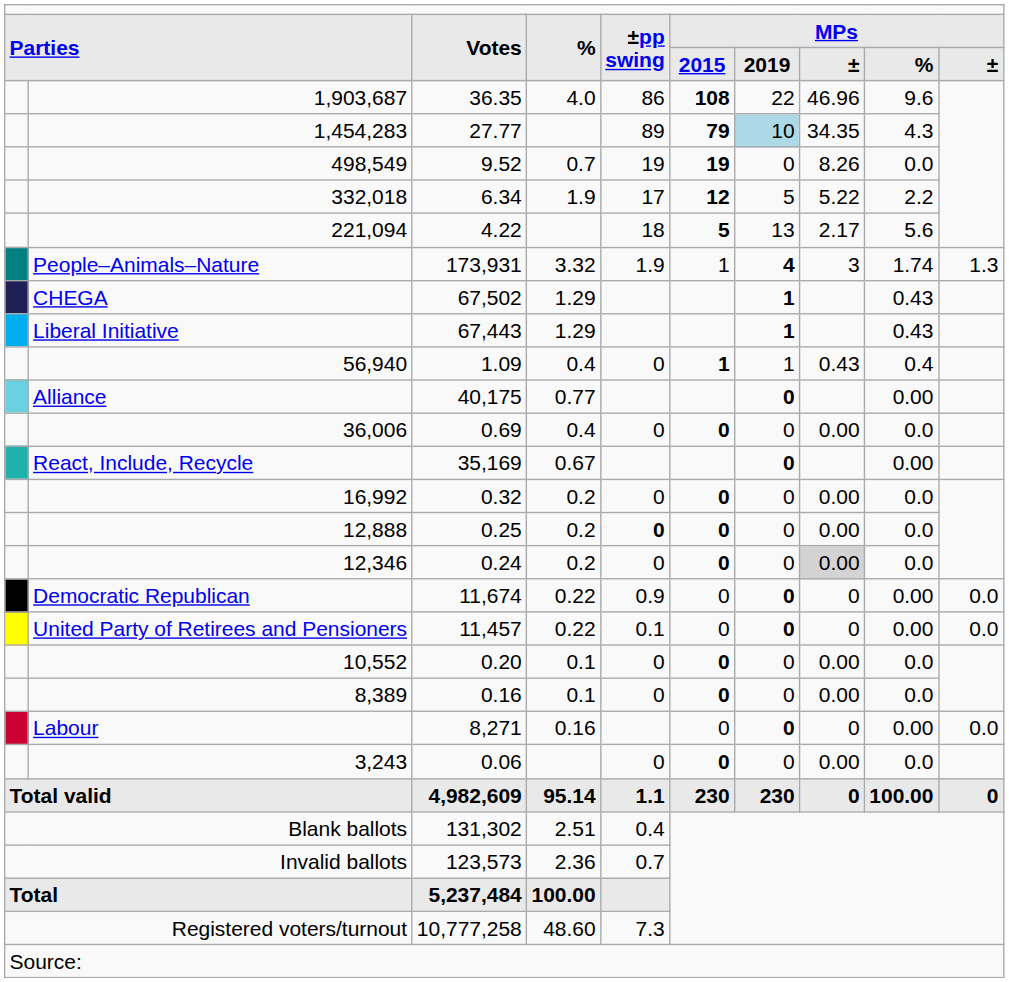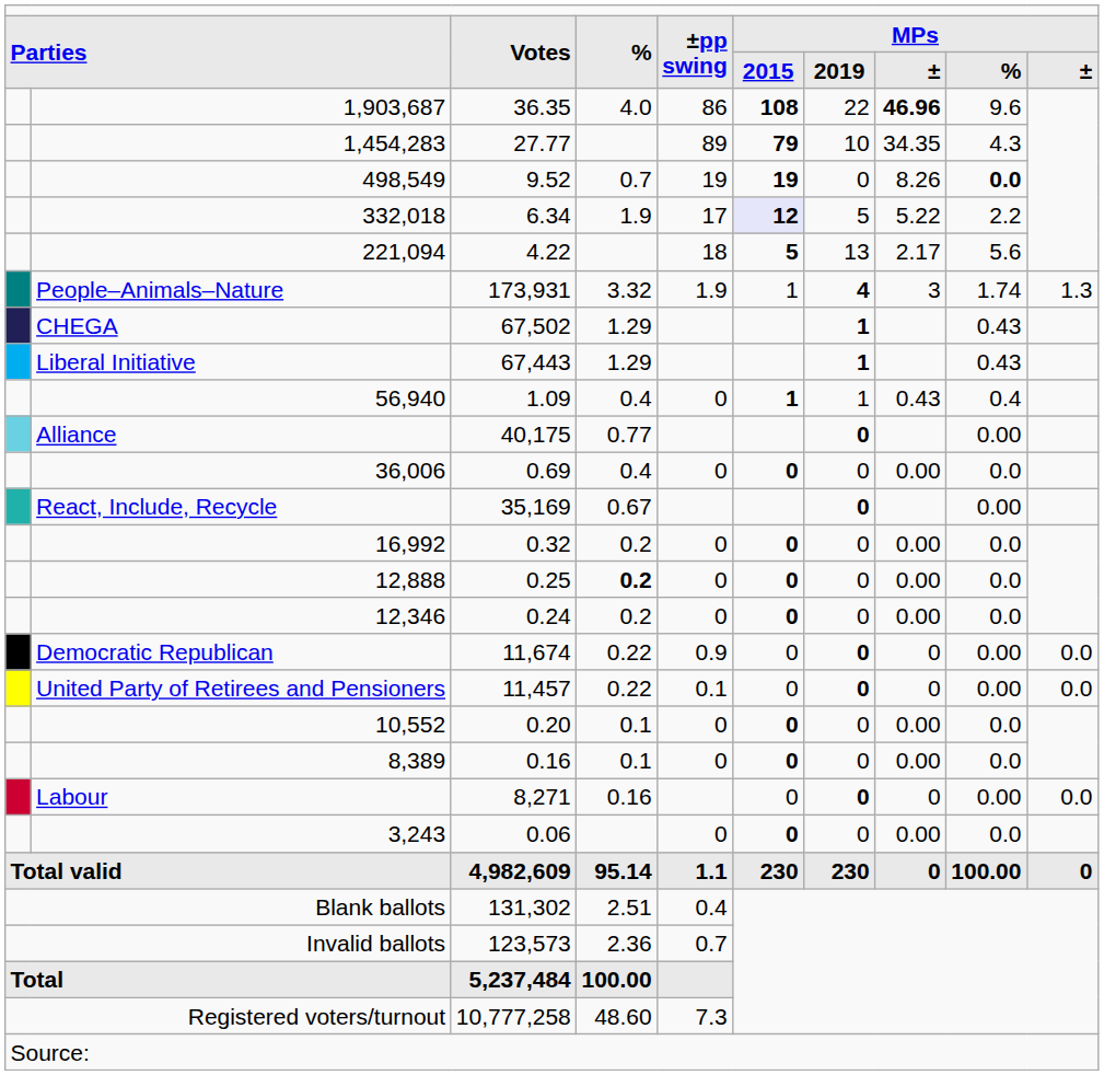 <table class="wikitable" style="text-align:right; font-size:95%;">
 <tr>
 <td colspan=10></td>
 </tr>
 <tr>
 <th rowspan="2" colspan="2" style="background:#e9e9e9; text-align:left;" alignleft><a href='#'>Parties</a></th>
 <th rowspan="2" style="background:#e9e9e9; text-align:right;">Votes</th>
 <th rowspan="2" style="background:#e9e9e9; text-align:right;">%</th>
 <th rowspan="2" style="background:#e9e9e9; text-align:right;">±<a href='#'>pp</a> <a href='#'>swing</a></th>
 <th colspan="5" style="background:#e9e9e9; text-align:center;"><a href='#'>MPs</a></th>
 </tr>
 <tr style="background-color:#E9E9E9">
 <th style="background-color:#E9E9E9;text-align:center;"><a href='#'>2015</a></th>
 <th style="background-color:#E9E9E9;text-align:center;">2019</th>
 <th style="background:#e9e9e9; text-align:right;">±</th>
 <th style="background:#e9e9e9; text-align:right;">%</th>
 <th style="background:#e9e9e9; text-align:right;">±</th>
 </tr>
 <tr>
 <td></td>
 <td>1,903,687</td>
 <td>36.35</td>
 <td>4.0</td>
 <td>86</td>
 <td><strong>108</strong></td>
 <td>22</td>
-<td>46.96</td>
+<td><strong>46.96</strong></td>
 <td>9.6</td>
 </tr>
 <tr>
 <td></td>
 <td>1,454,283</td>
 <td>27.77</td>
 <td></td>
 <td>89</td>
 <td><strong>79</strong></td>
-<td style="background: lightblue;">10</td>
+<td>10</td>
 <td>34.35</td>
 <td>4.3</td>
 </tr>
 <tr>
 <td></td>
 <td>498,549</td>
 <td>9.52</td>
 <td>0.7</td>
 <td>19</td>
 <td><strong>19</strong></td>
 <td>0</td>
 <td>8.26</td>
-<td>0.0</td>
+<td><strong>0.0</strong></td>
 </tr>
 <tr>
 <td></td>
 <td>332,018</td>
 <td>6.34</td>
 <td>1.9</td>
 <td>17</td>
-<td><strong>12</strong></td>
+<td style="background: lavender;"><strong>12</strong></td>
 <td>5</td>
 <td>5.22</td>
 <td>2.2</td>
 </tr>
 <tr>
 <td></td>
 <td>221,094</td>
 <td>4.22</td>
 <td></td>
 <td>18</td>
 <td><strong>5</strong></td>
 <td>13</td>
 <td>2.17</td>
 <td>5.6</td>
 </tr>
 <tr>
 <td style="width: 10px" bgcolor=teal align="center"></td>
 <td align=left><a href='#'>People–Animals–Nature</a></td>
 <td>173,931</td>
 <td>3.32</td>
 <td>1.9</td>
 <td>1</td>
 <td><strong>4</strong></td>
 <td>3</td>
 <td>1.74</td>
 <td>1.3</td>
 </tr>
 <tr>
 <td style="width: 10px" bgcolor=#202056 align="center"></td>
 <td align=left><a href='#'>CHEGA</a></td>
 <td>67,502</td>
 <td>1.29</td>
 <td></td>
 <td></td>
 <td><strong>1</strong></td>
 <td></td>
 <td>0.43</td>
 <td></td>
 </tr>
 <tr>
 <td style="width: 10px" bgcolor=#00ADEF align="center"></td>
 <td align=left><a href='#'>Liberal Initiative</a></td>
 <td>67,443</td>
 <td>1.29</td>
 <td></td>
 <td></td>
 <td><strong>1</strong></td>
 <td></td>
 <td>0.43</td>
 <td></td>
 </tr>
 <tr>
 <td></td>
 <td>56,940</td>
 <td>1.09</td>
 <td>0.4</td>
 <td>0</td>
 <td><strong>1</strong></td>
 <td>1</td>
 <td>0.43</td>
 <td>0.4</td>
 </tr>
 <tr>
 <td style="width: 10px" bgcolor=#6AD1E3 align="center"></td>
 <td align=left><a href='#'>Alliance</a></td>
 <td>40,175</td>
 <td>0.77</td>
 <td></td>
 <td></td>
 <td><strong>0</strong></td>
 <td></td>
 <td>0.00</td>
 <td></td>
 </tr>
 <tr>
 <td></td>
 <td>36,006</td>
 <td>0.69</td>
 <td>0.4</td>
 <td>0</td>
 <td><strong>0</strong></td>
 <td>0</td>
 <td>0.00</td>
 <td>0.0</td>
 </tr>
 <tr>
 <td style="width: 10px" bgcolor=LightSeaGreen align="center"></td>
 <td align=left><a href='#'>React, Include, Recycle</a></td>
 <td>35,169</td>
 <td>0.67</td>
 <td></td>
 <td></td>
 <td><strong>0</strong></td>
 <td></td>
 <td>0.00</td>
 <td></td>
 </tr>
 <tr>
 <td></td>
 <td>16,992</td>
 <td>0.32</td>
 <td>0.2</td>
 <td>0</td>
 <td><strong>0</strong></td>
 <td>0</td>
 <td>0.00</td>
 <td>0.0</td>
 </tr>
 <tr>
 <td></td>
 <td>12,888</td>
 <td>0.25</td>
-<td>0.2</td>
-<td><strong>0</strong></td>
+<td><strong>0.2</strong></td>
+<td>0</td>
 <td><strong>0</strong></td>
 <td>0</td>
 <td>0.00</td>
 <td>0.0</td>
 </tr>
 <tr>
 <td></td>
 <td>12,346</td>
 <td>0.24</td>
 <td>0.2</td>
 <td>0</td>
 <td><strong>0</strong></td>
 <td>0</td>
-<td style="background: lightgrey;">0.00</td>
+<td>0.00</td>
 <td>0.0</td>
 </tr>
 <tr>
 <td style="width: 10px" bgcolor=black align="center"></td>
 <td align=left><a href='#'>Democratic Republican</a></td>
 <td>11,674</td>
 <td>0.22</td>
 <td>0.9</td>
 <td>0</td>
 <td><strong>0</strong></td>
 <td>0</td>
 <td>0.00</td>
 <td>0.0</td>
 </tr>
 <tr>
 <td style="width: 10px" bgcolor=yellow align="center"></td>
 <td align=left><a href='#'>United Party of Retirees and Pensioners</a></td>
 <td>11,457</td>
 <td>0.22</td>
 <td>0.1</td>
 <td>0</td>
 <td><strong>0</strong></td>
 <td>0</td>
 <td>0.00</td>
 <td>0.0</td>
 </tr>
 <tr>
 <td></td>
 <td>10,552</td>
 <td>0.20</td>
 <td>0.1</td>
 <td>0</td>
 <td><strong>0</strong></td>
 <td>0</td>
 <td>0.00</td>
 <td>0.0</td>
 </tr>
 <tr>
 <td></td>
 <td>8,389</td>
 <td>0.16</td>
 <td>0.1</td>
 <td>0</td>
 <td><strong>0</strong></td>
 <td>0</td>
 <td>0.00</td>
 <td>0.0</td>
 </tr>
 <tr>
 <td style="width: 10px" bgcolor=#CC0033 align="center"></td>
 <td align=left><a href='#'>Labour</a></td>
 <td>8,271</td>
 <td>0.16</td>
 <td></td>
 <td>0</td>
 <td><strong>0</strong></td>
 <td>0</td>
 <td>0.00</td>
 <td>0.0</td>
 </tr>
 <tr>
 <td></td>
 <td>3,243</td>
 <td>0.06</td>
 <td></td>
 <td>0</td>
 <td><strong>0</strong></td>
 <td>0</td>
 <td>0.00</td>
 <td>0.0</td>
 </tr>
 <tr>
 <td colspan=2 align=left style="background-color:#E9E9E9"><strong>Total valid</strong></td>
 <td width="65" align="right" style="background-color:#E9E9E9"><strong>4,982,609</strong></td>
 <td width="40" align="right" style="background-color:#E9E9E9"><strong>95.14</strong></td>
 <td width="40" align="right" style="background-color:#E9E9E9"><strong>1.1</strong></td>
 <td width="40" align="right" style="background-color:#E9E9E9"><strong>230</strong></td>
 <td width="40" align="right" style="background-color:#E9E9E9"><strong>230</strong></td>
 <td width="40" align="right" style="background-color:#E9E9E9"><strong>0</strong></td>
 <td width="40" align="right" style="background-color:#E9E9E9"><strong>100.00</strong></td>
 <td width="40" align="right" style="background-color:#E9E9E9"><strong>0</strong></td>
 </tr>
 <tr>
 <td colspan=2>Blank ballots</td>
 <td>131,302</td>
 <td>2.51</td>
 <td>0.4</td>
 <td colspan=5 rowspan=4></td>
 </tr>
 <tr>
 <td colspan=2>Invalid ballots</td>
 <td>123,573</td>
 <td>2.36</td>
 <td>0.7</td>
 </tr>
 <tr>
 <td colspan=2 align=left style="background-color:#E9E9E9"><strong>Total</strong></td>
 <td width="50" align="right" style="background-color:#E9E9E9"><strong>5,237,484</strong></td>
 <td width="40" align="right" style="background-color:#E9E9E9"><strong>100.00</strong></td>
 <td width="40" align="right" style="background-color:#E9E9E9"></td>
 </tr>
 <tr>
 <td colspan=2>Registered voters/turnout</td>
 <td>10,777,258</td>
 <td>48.60</td>
 <td>7.3</td>
 </tr>
 <tr>
 <td colspan=10 align=left>Source: </td>
 </tr>
 </table>
